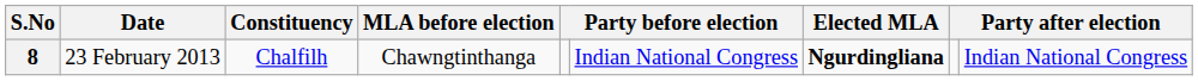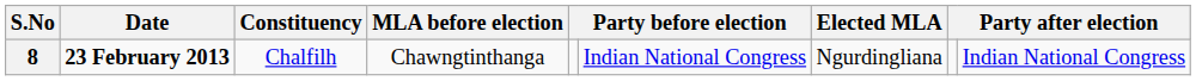 <table class="wikitable sortable" style="text-align:center;">
 <tr>
 <th>S.No</th>
 <th>Date</th>
 <th>Constituency</th>
 <th>MLA before election</th>
 <th colspan="2">Party before election</th>
 <th>Elected MLA</th>
 <th colspan="2">Party after election</th>
 </tr>
 <tr>
 <th>8</th>
-<td>23 February 2013</td>
+<td><strong>23 February 2013</strong></td>
 <td><a href='#'>Chalfilh</a></td>
 <td>Chawngtinthanga</td>
 <td></td>
 <td><a href='#'>Indian National Congress</a></td>
-<td><strong>Ngurdingliana</strong></td>
+<td>Ngurdingliana</td>
 <td></td>
 <td><a href='#'>Indian National Congress</a></td>
 </tr>
 </table>
